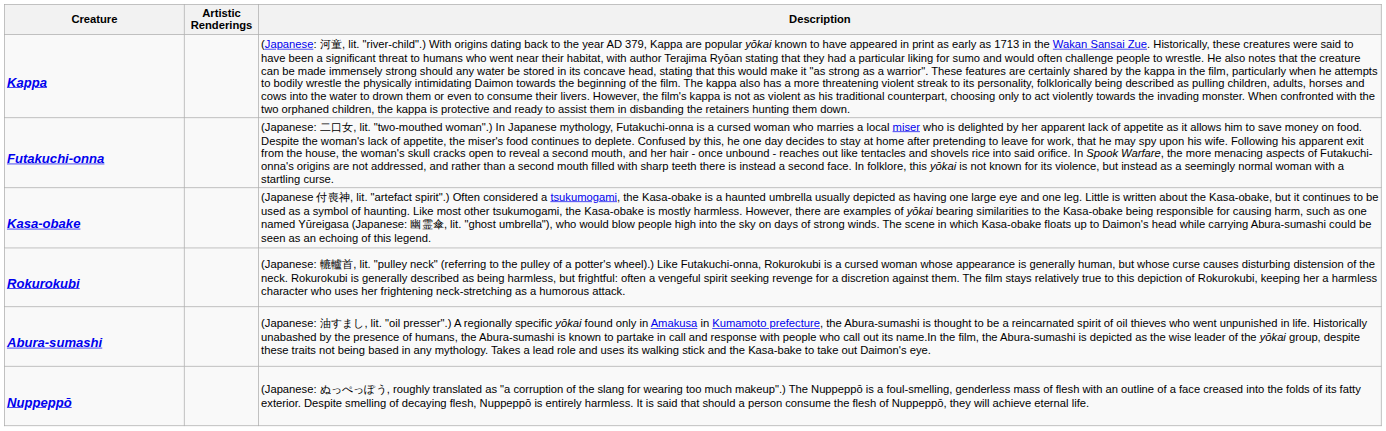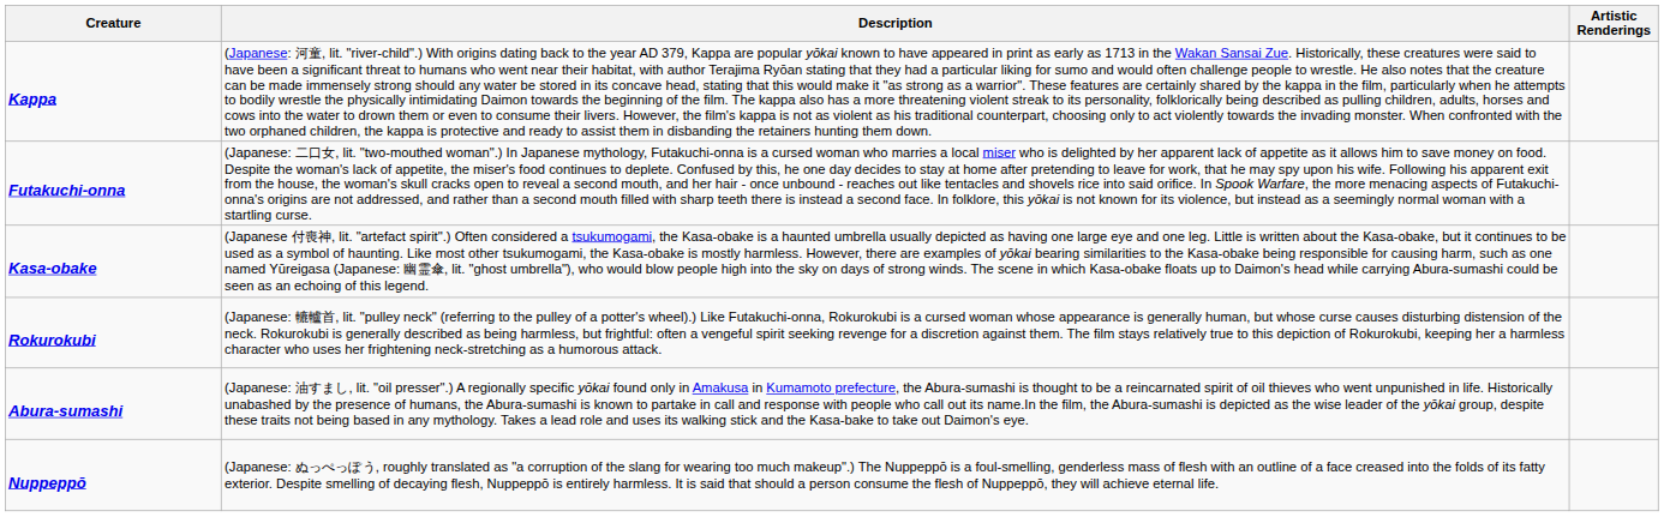 <table class="wikitable">
 <tr>
 <th scope="col" style="width: 250px;">Creature</th>
+<th>Description</th>
 <th>Artistic Renderings</th>
-<th>Description</th>
 </tr>
 <tr>
 <td><br><h3><div><em><a href='#'>Kappa</a></em></div></h3></td>
+<td>(<a href='#'>Japanese</a>: 河童, lit. "river-child".) With origins dating back to the year AD 379, Kappa are popular <em>yōkai</em> known to have appeared in print as early as 1713 in the <a href='#'>Wakan Sansai Zue</a>. Historically, these creatures were said to have been a significant threat to humans who went near their habitat, with author Terajima Ryōan stating that they had a particular liking for sumo and would often challenge people to wrestle. He also notes that the creature can be made immensely strong should any water be stored in its concave head, stating that this would make it "as strong as a warrior". These features are certainly shared by the kappa in the film, particularly when he attempts to bodily wrestle the physically intimidating Daimon towards the beginning of the film. The kappa also has a more threatening violent streak to its personality, folklorically being described as pulling children, adults, horses and cows into the water to drown them or even to consume their livers. However, the film's kappa is not as violent as his traditional counterpart, choosing only to act violently towards the invading monster. When confronted with the two orphaned children, the kappa is protective and ready to assist them in disbanding the retainers hunting them down.</td>
 <td></td>
-<td>(<a href='#'>Japanese</a>: 河童, lit. "river-child".) With origins dating back to the year AD 379, Kappa are popular <em>yōkai</em> known to have appeared in print as early as 1713 in the <a href='#'>Wakan Sansai Zue</a>. Historically, these creatures were said to have been a significant threat to humans who went near their habitat, with author Terajima Ryōan stating that they had a particular liking for sumo and would often challenge people to wrestle. He also notes that the creature can be made immensely strong should any water be stored in its concave head, stating that this would make it "as strong as a warrior". These features are certainly shared by the kappa in the film, particularly when he attempts to bodily wrestle the physically intimidating Daimon towards the beginning of the film. The kappa also has a more threatening violent streak to its personality, folklorically being described as pulling children, adults, horses and cows into the water to drown them or even to consume their livers. However, the film's kappa is not as violent as his traditional counterpart, choosing only to act violently towards the invading monster. When confronted with the two orphaned children, the kappa is protective and ready to assist them in disbanding the retainers hunting them down.</td>
 </tr>
 <tr>
 <td><br><h3><div><em><a href='#'>Futakuchi-onna</a></em></div></h3></td>
+<td>(Japanese: 二口女, lit. "two-mouthed woman".) In Japanese mythology, Futakuchi-onna is a cursed woman who marries a local <a href='#'>miser</a> who is delighted by her apparent lack of appetite as it allows him to save money on food. Despite the woman's lack of appetite, the miser's food continues to deplete. Confused by this, he one day decides to stay at home after pretending to leave for work, that he may spy upon his wife. Following his apparent exit from the house, the woman's skull cracks open to reveal a second mouth, and her hair - once unbound - reaches out like tentacles and shovels rice into said orifice. In <em>Spook Warfare</em>, the more menacing aspects of Futakuchi-onna's origins are not addressed, and rather than a second mouth filled with sharp teeth there is instead a second face. In folklore, this <em>yōkai</em> is not known for its violence, but instead as a seemingly normal woman with a startling curse.</td>
 <td></td>
-<td>(Japanese: 二口女, lit. "two-mouthed woman".) In Japanese mythology, Futakuchi-onna is a cursed woman who marries a local <a href='#'>miser</a> who is delighted by her apparent lack of appetite as it allows him to save money on food. Despite the woman's lack of appetite, the miser's food continues to deplete. Confused by this, he one day decides to stay at home after pretending to leave for work, that he may spy upon his wife. Following his apparent exit from the house, the woman's skull cracks open to reveal a second mouth, and her hair - once unbound - reaches out like tentacles and shovels rice into said orifice. In <em>Spook Warfare</em>, the more menacing aspects of Futakuchi-onna's origins are not addressed, and rather than a second mouth filled with sharp teeth there is instead a second face. In folklore, this <em>yōkai</em> is not known for its violence, but instead as a seemingly normal woman with a startling curse.</td>
 </tr>
 <tr>
 <td><br><h3><div><em><a href='#'>Kasa-obake</a></em></div></h3></td>
+<td>(Japanese 付喪神, lit. "artefact spirit".) Often considered a <a href='#'>tsukumogami</a>, the Kasa-obake is a haunted umbrella usually depicted as having one large eye and one leg. Little is written about the Kasa-obake, but it continues to be used as a symbol of haunting. Like most other tsukumogami, the Kasa-obake is mostly harmless. However, there are examples of <em>yōkai</em> bearing similarities to the Kasa-obake being responsible for causing harm, such as one named Yūreigasa (Japanese: 幽霊傘, lit. "ghost umbrella"), who would blow people high into the sky on days of strong winds. The scene in which Kasa-obake floats up to Daimon's head while carrying  Abura-sumashi could be seen as an echoing of this legend.</td>
 <td></td>
-<td>(Japanese 付喪神, lit. "artefact spirit".) Often considered a <a href='#'>tsukumogami</a>, the Kasa-obake is a haunted umbrella usually depicted as having one large eye and one leg. Little is written about the Kasa-obake, but it continues to be used as a symbol of haunting. Like most other tsukumogami, the Kasa-obake is mostly harmless. However, there are examples of <em>yōkai</em> bearing similarities to the Kasa-obake being responsible for causing harm, such as one named Yūreigasa (Japanese: 幽霊傘, lit. "ghost umbrella"), who would blow people high into the sky on days of strong winds. The scene in which Kasa-obake floats up to Daimon's head while carrying  Abura-sumashi could be seen as an echoing of this legend.</td>
 </tr>
 <tr>
 <td><br><h3><div><em><a href='#'>Rokurokubi</a></em></div></h3></td>
+<td>(Japanese: 轆轤首, lit. "pulley neck" (referring to the pulley of a potter's wheel).) Like Futakuchi-onna, Rokurokubi is a cursed woman whose appearance is generally human, but whose curse causes disturbing distension of the neck. Rokurokubi is generally described as being harmless, but frightful: often a vengeful spirit seeking revenge for a discretion against them. The film stays relatively true to this depiction of Rokurokubi, keeping her a harmless character who uses her frightening neck-stretching as a humorous attack.</td>
 <td></td>
-<td>(Japanese: 轆轤首, lit. "pulley neck" (referring to the pulley of a potter's wheel).) Like Futakuchi-onna, Rokurokubi is a cursed woman whose appearance is generally human, but whose curse causes disturbing distension of the neck. Rokurokubi is generally described as being harmless, but frightful: often a vengeful spirit seeking revenge for a discretion against them. The film stays relatively true to this depiction of Rokurokubi, keeping her a harmless character who uses her frightening neck-stretching as a humorous attack.</td>
 </tr>
 <tr>
 <td><br><h3><div><em><a href='#'>Abura-sumashi</a></em></div></h3></td>
+<td>(Japanese: 油すまし, lit. "oil presser".) A regionally specific <em>yōkai</em> found only in <a href='#'>Amakusa</a> in <a href='#'>Kumamoto prefecture</a>, the Abura-sumashi is thought to be a reincarnated spirit of oil thieves who went unpunished in life. Historically unabashed by the presence of humans, the Abura-sumashi is known to partake in call and response with people who call out its name.In the film, the Abura-sumashi is depicted as the wise leader of the <em>yōkai</em> group, despite these traits not being based in any mythology. Takes a lead role and uses its walking stick and the Kasa-bake to take out Daimon's eye.</td>
 <td></td>
-<td>(Japanese: 油すまし, lit. "oil presser".) A regionally specific <em>yōkai</em> found only in <a href='#'>Amakusa</a> in <a href='#'>Kumamoto prefecture</a>, the Abura-sumashi is thought to be a reincarnated spirit of oil thieves who went unpunished in life. Historically unabashed by the presence of humans, the Abura-sumashi is known to partake in call and response with people who call out its name.In the film, the Abura-sumashi is depicted as the wise leader of the <em>yōkai</em> group, despite these traits not being based in any mythology. Takes a lead role and uses its walking stick and the Kasa-bake to take out Daimon's eye.</td>
 </tr>
 <tr>
 <td><br><h3><div><em><a href='#'>Nuppeppō</a></em></div></h3></td>
+<td>(Japanese: ぬっぺっぽう, roughly translated as "a corruption of the slang for wearing too much makeup".) The Nuppeppō is a foul-smelling, genderless mass of flesh with an outline of a face creased into the folds of its fatty exterior. Despite smelling of decaying flesh, Nuppeppō is entirely harmless. It is said that should a person consume the flesh of Nuppeppō, they will achieve eternal life.</td>
 <td></td>
-<td>(Japanese: ぬっぺっぽう, roughly translated as "a corruption of the slang for wearing too much makeup".) The Nuppeppō is a foul-smelling, genderless mass of flesh with an outline of a face creased into the folds of its fatty exterior. Despite smelling of decaying flesh, Nuppeppō is entirely harmless. It is said that should a person consume the flesh of Nuppeppō, they will achieve eternal life.</td>
 </tr>
 </table>
